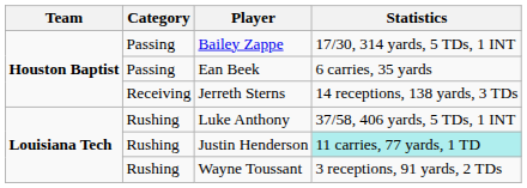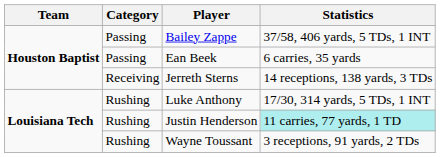 <table class="wikitable" style="float: left;">
 <tr>
 <th>Team</th>
 <th>Category</th>
 <th>Player</th>
 <th>Statistics</th>
 </tr>
 <tr>
 <td rowspan=3><strong>Houston Baptist</strong></td>
 <td>Passing</td>
 <td><a href='#'>Bailey Zappe</a></td>
-<td>17/30, 314 yards, 5 TDs, 1 INT</td>
+<td>37/58, 406 yards, 5 TDs, 1 INT</td>
 </tr>
 <tr>
 <td>Passing</td>
 <td>Ean Beek</td>
 <td>6 carries, 35 yards</td>
 </tr>
 <tr>
 <td>Receiving</td>
 <td>Jerreth Sterns</td>
 <td>14 receptions, 138 yards, 3 TDs</td>
 </tr>
 <tr>
 <td rowspan=3><strong>Louisiana Tech</strong></td>
 <td>Rushing</td>
 <td>Luke Anthony</td>
-<td>37/58, 406 yards, 5 TDs, 1 INT</td>
+<td>17/30, 314 yards, 5 TDs, 1 INT</td>
 </tr>
 <tr>
 <td>Rushing</td>
 <td>Justin Henderson</td>
 <td style="background: paleturquoise;">11 carries, 77 yards, 1 TD</td>
 </tr>
 <tr>
 <td>Rushing</td>
 <td>Wayne Toussant</td>
 <td>3 receptions, 91 yards, 2 TDs</td>
 </tr>
 </table>
